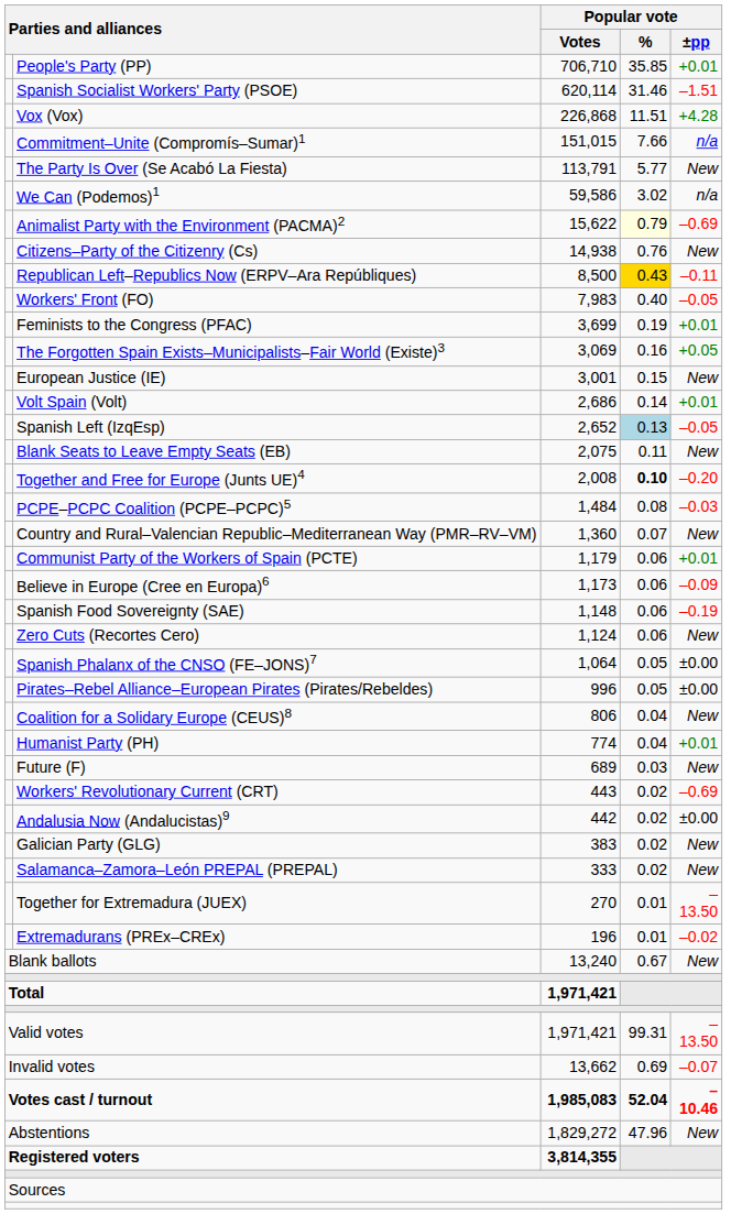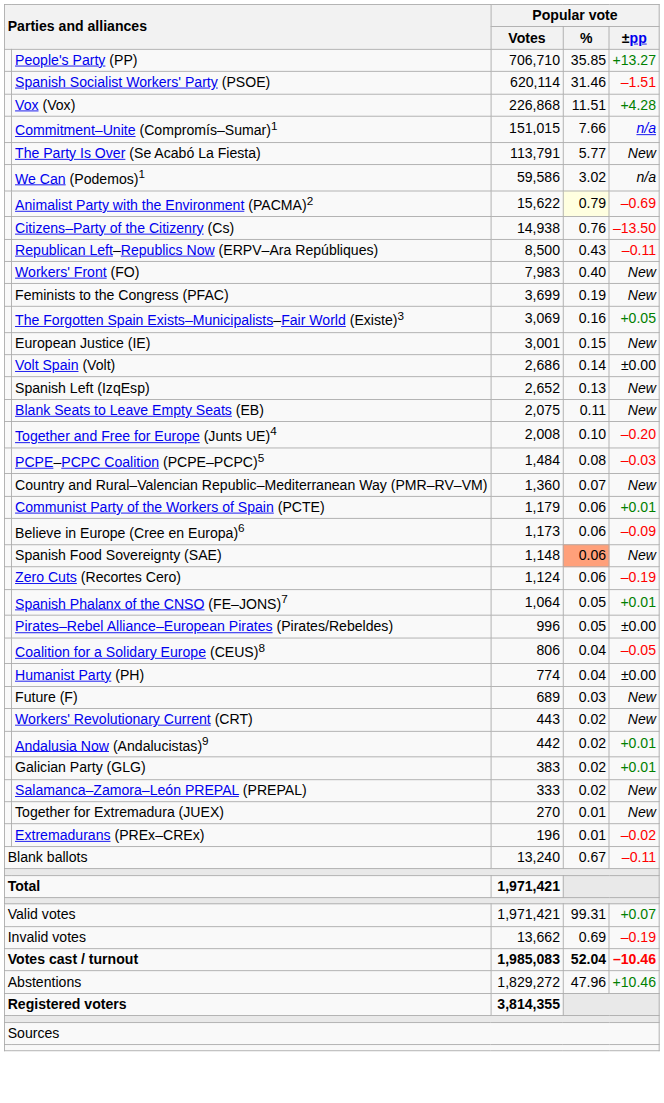 <table class="wikitable" style="text-align:right;">
 <tr>
 <th style="text-align:left;" rowspan="2" colspan="2" width="525">Parties and alliances</th>
 <th colspan="3">Popular vote</th>
 </tr>
 <tr bgcolor="#E9E9E9" align="center">
 <th width="75">Votes</th>
 <th width="45">%</th>
 <th width="45">±<a href='#'>pp</a></th>
 </tr>
 <tr>
 <td width="1" style="color:inherit;background:"></td>
 <td align="left"><a href='#'>People's Party</a> (PP)</td>
 <td>706,710</td>
 <td>35.85</td>
-<td style="color:green;">+0.01</td>
+<td style="color:green;">+13.27</td>
 </tr>
 <tr>
 <td style="color:inherit;background:"></td>
 <td align="left"><a href='#'>Spanish Socialist Workers' Party</a> (PSOE)</td>
 <td>620,114</td>
 <td>31.46</td>
 <td style="color:red;">–1.51</td>
 </tr>
 <tr>
 <td style="color:inherit;background:"></td>
 <td align="left"><a href='#'>Vox</a> (Vox)</td>
 <td>226,868</td>
 <td>11.51</td>
 <td style="color:green;">+4.28</td>
 </tr>
 <tr>
 <td style="color:inherit;background:"></td>
 <td align="left"><a href='#'>Commitment–Unite</a> (Compromís–Sumar)<sup>1</sup></td>
 <td>151,015</td>
 <td>7.66</td>
 <td><em><a href='#'>n/a</a></em></td>
 </tr>
 <tr>
 <td style="color:inherit;background:"></td>
 <td align="left"><a href='#'>The Party Is Over</a> (Se Acabó La Fiesta)</td>
 <td>113,791</td>
 <td>5.77</td>
 <td><em>New</em></td>
 </tr>
 <tr>
 <td style="color:inherit;background:"></td>
 <td align="left"><a href='#'>We Can</a> (Podemos)<sup>1</sup></td>
 <td>59,586</td>
 <td>3.02</td>
 <td><em>n/a</em></td>
 </tr>
 <tr>
 <td style="color:inherit;background:"></td>
 <td align="left"><a href='#'>Animalist Party with the Environment</a> (PACMA)<sup>2</sup></td>
 <td>15,622</td>
 <td style="background: lightyellow;">0.79</td>
 <td style="color:red;">–0.69</td>
 </tr>
 <tr>
 <td style="color:inherit;background:"></td>
 <td align="left"><a href='#'>Citizens–Party of the Citizenry</a> (Cs)</td>
 <td>14,938</td>
 <td>0.76</td>
-<td><em>New</em></td>
+<td style="color:red;">–13.50</td>
 </tr>
 <tr>
 <td style="color:inherit;background:"></td>
 <td align="left"><a href='#'>Republican Left</a>–<a href='#'>Republics Now</a> (ERPV–Ara Repúbliques)</td>
 <td>8,500</td>
-<td style="background: gold;">0.43</td>
+<td>0.43</td>
 <td style="color:red;">–0.11</td>
 </tr>
 <tr>
 <td style="color:inherit;background:"></td>
 <td align="left"><a href='#'>Workers' Front</a> (FO)</td>
 <td>7,983</td>
 <td>0.40</td>
-<td style="color:red;">–0.05</td>
+<td><em>New</em></td>
 </tr>
 <tr>
 <td style="color:inherit;background:"></td>
 <td align="left">Feminists to the Congress (PFAC)</td>
 <td>3,699</td>
 <td>0.19</td>
-<td style="color:green;">+0.01</td>
+<td><em>New</em></td>
 </tr>
 <tr>
 <td style="color:inherit;background:"></td>
 <td align="left"><a href='#'>The Forgotten Spain Exists–Municipalists</a>–<a href='#'>Fair World</a> (Existe)<sup>3</sup></td>
 <td>3,069</td>
 <td>0.16</td>
 <td style="color:green;">+0.05</td>
 </tr>
 <tr>
 <td style="color:inherit;background:"></td>
 <td align="left">European Justice (IE)</td>
 <td>3,001</td>
 <td>0.15</td>
 <td><em>New</em></td>
 </tr>
 <tr>
 <td style="color:inherit;background:"></td>
 <td align="left"><a href='#'>Volt Spain</a> (Volt)</td>
 <td>2,686</td>
 <td>0.14</td>
-<td style="color:green;">+0.01</td>
+<td>±0.00</td>
 </tr>
 <tr>
 <td style="color:inherit;background:"></td>
 <td align="left">Spanish Left (IzqEsp)</td>
 <td>2,652</td>
-<td style="background: lightblue;">0.13</td>
-<td style="color:red;">–0.05</td>
+<td>0.13</td>
+<td><em>New</em></td>
 </tr>
 <tr>
 <td style="color:inherit;background:"></td>
 <td align="left"><a href='#'>Blank Seats to Leave Empty Seats</a> (EB)</td>
 <td>2,075</td>
 <td>0.11</td>
 <td><em>New</em></td>
 </tr>
 <tr>
 <td style="color:inherit;background:"></td>
 <td align="left"><a href='#'>Together and Free for Europe</a> (Junts UE)<sup>4</sup></td>
 <td>2,008</td>
-<td><strong>0.10</strong></td>
+<td>0.10</td>
 <td style="color:red;">–0.20</td>
 </tr>
 <tr>
 <td style="color:inherit;background:"></td>
 <td align="left"><a href='#'>PCPE</a>–<a href='#'>PCPC Coalition</a> (PCPE–PCPC)<sup>5</sup></td>
 <td>1,484</td>
 <td>0.08</td>
 <td style="color:red;">–0.03</td>
 </tr>
 <tr>
 <td style="color:inherit;background:"></td>
 <td align="left">Country and Rural–Valencian Republic–Mediterranean Way (PMR–RV–VM)</td>
 <td>1,360</td>
 <td>0.07</td>
 <td><em>New</em></td>
 </tr>
 <tr>
 <td style="color:inherit;background:"></td>
 <td align="left"><a href='#'>Communist Party of the Workers of Spain</a> (PCTE)</td>
 <td>1,179</td>
 <td>0.06</td>
 <td style="color:green;">+0.01</td>
 </tr>
 <tr>
 <td style="color:inherit;background:"></td>
 <td align="left">Believe in Europe (Cree en Europa)<sup>6</sup></td>
 <td>1,173</td>
 <td>0.06</td>
 <td style="color:red;">–0.09</td>
 </tr>
 <tr>
 <td style="color:inherit;background:"></td>
 <td align="left">Spanish Food Sovereignty (SAE)</td>
 <td>1,148</td>
-<td>0.06</td>
-<td style="color:red;">–0.19</td>
+<td style="background: lightsalmon;">0.06</td>
+<td><em>New</em></td>
 </tr>
 <tr>
 <td style="color:inherit;background:"></td>
 <td align="left"><a href='#'>Zero Cuts</a> (Recortes Cero)</td>
 <td>1,124</td>
 <td>0.06</td>
-<td><em>New</em></td>
+<td style="color:red;">–0.19</td>
 </tr>
 <tr>
 <td style="color:inherit;background:"></td>
 <td align="left"><a href='#'>Spanish Phalanx of the CNSO</a> (FE–JONS)<sup>7</sup></td>
 <td>1,064</td>
 <td>0.05</td>
-<td>±0.00</td>
+<td style="color:green;">+0.01</td>
 </tr>
 <tr>
 <td style="color:inherit;background:"></td>
 <td align="left"><a href='#'>Pirates–Rebel Alliance–European Pirates</a> (Pirates/Rebeldes)</td>
 <td>996</td>
 <td>0.05</td>
 <td>±0.00</td>
 </tr>
 <tr>
 <td style="color:inherit;background:"></td>
 <td align="left"><a href='#'>Coalition for a Solidary Europe</a> (CEUS)<sup>8</sup></td>
 <td>806</td>
 <td>0.04</td>
-<td><em>New</em></td>
+<td style="color:red;">–0.05</td>
 </tr>
 <tr>
 <td style="color:inherit;background:"></td>
 <td align="left"><a href='#'>Humanist Party</a> (PH)</td>
 <td>774</td>
 <td>0.04</td>
-<td style="color:green;">+0.01</td>
+<td>±0.00</td>
 </tr>
 <tr>
 <td style="color:inherit;background:"></td>
 <td align="left">Future (F)</td>
 <td>689</td>
 <td>0.03</td>
 <td><em>New</em></td>
 </tr>
 <tr>
 <td style="color:inherit;background:"></td>
 <td align="left"><a href='#'>Workers' Revolutionary Current</a> (CRT)</td>
 <td>443</td>
 <td>0.02</td>
-<td style="color:red;">–0.69</td>
+<td><em>New</em></td>
 </tr>
 <tr>
 <td style="color:inherit;background:"></td>
 <td align="left"><a href='#'>Andalusia Now</a> (Andalucistas)<sup>9</sup></td>
 <td>442</td>
 <td>0.02</td>
-<td>±0.00</td>
+<td style="color:green;">+0.01</td>
 </tr>
 <tr>
 <td style="color:inherit;background:"></td>
 <td align="left">Galician Party (GLG)</td>
 <td>383</td>
 <td>0.02</td>
-<td><em>New</em></td>
+<td style="color:green;">+0.01</td>
 </tr>
 <tr>
 <td style="color:inherit;background:"></td>
 <td align="left"><a href='#'>Salamanca–Zamora–León PREPAL</a> (PREPAL)</td>
 <td>333</td>
 <td>0.02</td>
 <td><em>New</em></td>
 </tr>
 <tr>
 <td style="color:inherit;background:"></td>
 <td align="left">Together for Extremadura (JUEX)</td>
 <td>270</td>
 <td>0.01</td>
-<td style="color:red;">–13.50</td>
+<td><em>New</em></td>
 </tr>
 <tr>
 <td style="color:inherit;background:"></td>
 <td align="left"><a href='#'>Extremadurans</a> (PREx–CREx)</td>
 <td>196</td>
 <td>0.01</td>
 <td style="color:red;">–0.02</td>
 </tr>
 <tr>
 <td align="left" colspan="2">Blank ballots</td>
 <td>13,240</td>
 <td>0.67</td>
-<td><em>New</em></td>
+<td style="color:red;">–0.11</td>
 </tr>
 <tr>
 <td colspan="5" bgcolor="#E9E9E9"></td>
 </tr>
 <tr style="font-weight:bold;">
 <td align="left" colspan="2">Total</td>
 <td>1,971,421</td>
 <td bgcolor="#E9E9E9" colspan="2"></td>
 </tr>
 <tr>
 <td colspan="5" bgcolor="#E9E9E9"></td>
 </tr>
 <tr>
 <td align="left" colspan="2">Valid votes</td>
 <td>1,971,421</td>
 <td>99.31</td>
-<td style="color:red;">–13.50</td>
+<td style="color:green;">+0.07</td>
 </tr>
 <tr>
 <td align="left" colspan="2">Invalid votes</td>
 <td>13,662</td>
 <td>0.69</td>
-<td style="color:red;">–0.07</td>
+<td style="color:red;">–0.19</td>
 </tr>
 <tr style="font-weight:bold;">
 <td align="left" colspan="2">Votes cast / turnout</td>
 <td>1,985,083</td>
 <td>52.04</td>
 <td style="color:red;">–10.46</td>
 </tr>
 <tr>
 <td align="left" colspan="2">Abstentions</td>
 <td>1,829,272</td>
 <td>47.96</td>
-<td><em>New</em></td>
+<td style="color:green;">+10.46</td>
 </tr>
 <tr style="font-weight:bold;">
 <td align="left" colspan="2">Registered voters</td>
 <td>3,814,355</td>
 <td bgcolor="#E9E9E9" colspan="2"></td>
 </tr>
 <tr>
 <td colspan="5" bgcolor="#E9E9E9"></td>
 </tr>
 <tr>
 <td align="left" colspan="5">Sources</td>
 </tr>
 <tr>
 <td colspan="5" style="text-align:left; max-width:790px;"></td>
 </tr>
 </table>
